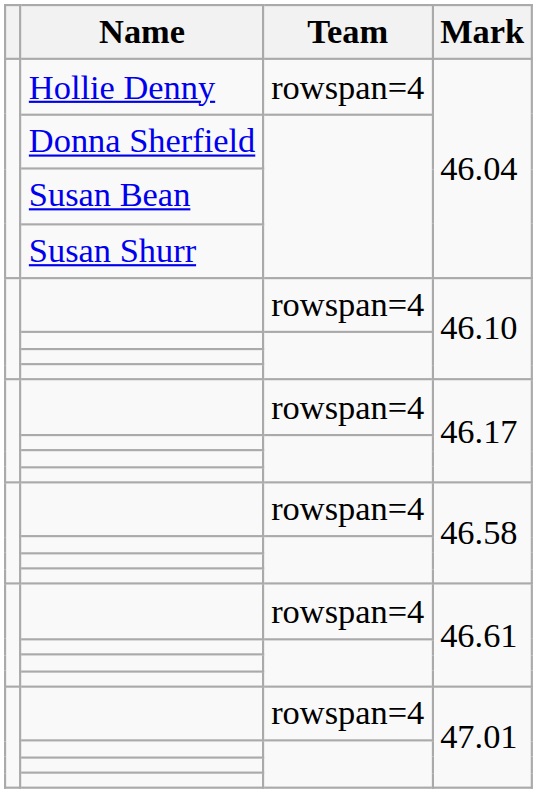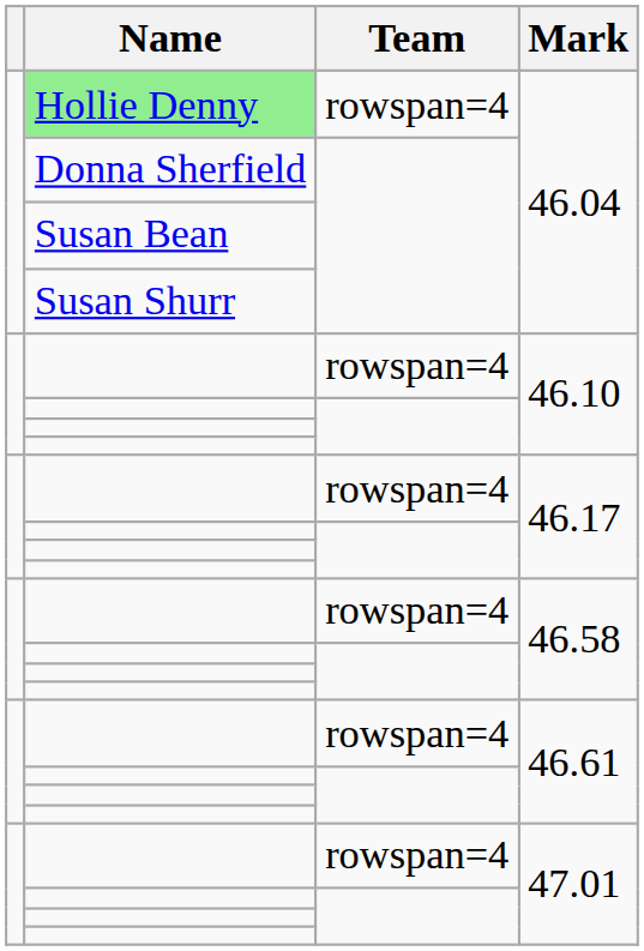 <table class=wikitable>
 <tr>
 <th></th>
 <th>Name</th>
 <th>Team</th>
 <th>Mark</th>
 </tr>
 <tr>
 <td rowspan=4></td>
-<td><a href='#'>Hollie Denny</a></td>
+<td style="background: lightgreen;"><a href='#'>Hollie Denny</a></td>
 <td>rowspan=4 </td>
 <td rowspan=4>46.04</td>
 </tr>
 <tr>
 <td><a href='#'>Donna Sherfield</a></td>
 </tr>
 <tr>
 <td><a href='#'>Susan Bean</a></td>
 </tr>
 <tr>
 <td><a href='#'>Susan Shurr</a></td>
 </tr>
 <tr>
 <td rowspan=4></td>
 <td></td>
 <td>rowspan=4 </td>
 <td rowspan=4>46.10</td>
 </tr>
 <tr>
 <td></td>
 </tr>
 <tr>
 <td></td>
 </tr>
 <tr>
 <td></td>
 </tr>
 <tr>
 <td rowspan=4></td>
 <td></td>
 <td>rowspan=4 </td>
 <td rowspan=4>46.17</td>
 </tr>
 <tr>
 <td></td>
 </tr>
 <tr>
 <td></td>
 </tr>
 <tr>
 <td></td>
 </tr>
 <tr>
 <td rowspan=4></td>
 <td></td>
 <td>rowspan=4 </td>
 <td rowspan=4>46.58</td>
 </tr>
 <tr>
 <td></td>
 </tr>
 <tr>
 <td></td>
 </tr>
 <tr>
 <td></td>
 </tr>
 <tr>
 <td rowspan=4></td>
 <td></td>
 <td>rowspan=4 </td>
 <td rowspan=4>46.61</td>
 </tr>
 <tr>
 <td></td>
 </tr>
 <tr>
 <td></td>
 </tr>
 <tr>
 <td></td>
 </tr>
 <tr>
 <td rowspan=4></td>
 <td></td>
 <td>rowspan=4 </td>
 <td rowspan=4>47.01</td>
 </tr>
 <tr>
 <td></td>
 </tr>
 <tr>
 <td></td>
 </tr>
 <tr>
 <td></td>
 </tr>
 </table>
